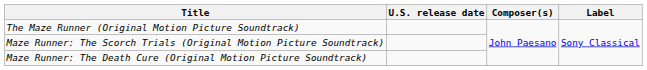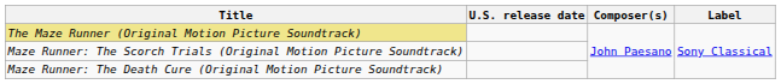 <table class="wikitable plainrowheaders">
 <tr>
 <th>Title</th>
 <th>U.S. release date</th>
 <th>Composer(s)</th>
 <th>Label</th>
 </tr>
 <tr>
-<td><em>The Maze Runner (Original Motion Picture Soundtrack)</em></td>
+<td style="background: khaki;"><em>The Maze Runner (Original Motion Picture Soundtrack)</em></td>
 <td></td>
 <td rowspan="3"><a href='#'>John Paesano</a></td>
 <td rowspan="3"><a href='#'>Sony Classical</a></td>
 </tr>
 <tr>
 <td><em>Maze Runner: The Scorch Trials (Original Motion Picture Soundtrack)</em></td>
 <td></td>
 </tr>
 <tr>
 <td><em>Maze Runner: The Death Cure (Original Motion Picture Soundtrack)</em></td>
 <td></td>
 </tr>
 </table>
